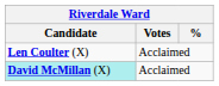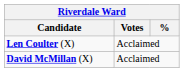 <table class="wikitable">
 <tr>
 <th colspan="3"><a href='#'>Riverdale Ward</a></th>
 </tr>
 <tr>
 <th style="width: 170px">Candidate</th>
 <th style="width: 50px">Votes</th>
 <th style="width: 40px">%</th>
 </tr>
 <tr>
 <td><strong><a href='#'>Len Coulter</a></strong> (X)</td>
 <td colspan="2">Acclaimed</td>
 </tr>
 <tr>
-<td style="background: paleturquoise;"><strong><a href='#'>David McMillan</a></strong> (X)</td>
+<td><strong><a href='#'>David McMillan</a></strong> (X)</td>
 <td colspan="2">Acclaimed</td>
 </tr>
 </table>
